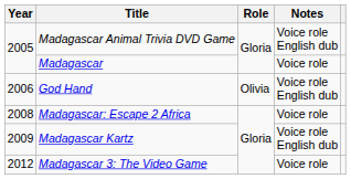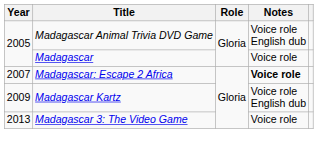 <table class="wikitable sortable">
 <tr>
 <th scope="col">Year</th>
 <th scope="col">Title</th>
 <th scope="col">Role</th>
 <th class="unsortable">Notes</th>
 <th scope="col" class="unsortable"></th>
 </tr>
 <tr>
 <td rowspan="2">2005</td>
 <td><em>Madagascar Animal Trivia DVD Game</em></td>
 <td rowspan="2">Gloria</td>
 <td>Voice role<br>English dub</td>
 <td></td>
 </tr>
 <tr>
 <td><em><a href='#'>Madagascar</a></em></td>
 <td>Voice role</td>
 <td></td>
 </tr>
 <tr>
-<td>2006</td>
-<td><em><a href='#'>God Hand</a></em></td>
-<td>Olivia</td>
-<td>Voice role<br>English dub</td>
-<td></td>
-</tr>
-<tr>
-<td>2008</td>
+<td>2007</td>
 <td><em><a href='#'>Madagascar: Escape 2 Africa</a></em></td>
 <td rowspan="3">Gloria</td>
-<td>Voice role</td>
+<td><strong>Voice role</strong></td>
 <td></td>
 </tr>
 <tr>
 <td>2009</td>
 <td><em><a href='#'>Madagascar Kartz</a></em></td>
 <td>Voice role<br>English dub</td>
 <td></td>
 </tr>
 <tr>
-<td>2012</td>
+<td>2013</td>
 <td><em><a href='#'>Madagascar 3: The Video Game</a></em></td>
 <td>Voice role</td>
 <td></td>
 </tr>
 </table>
